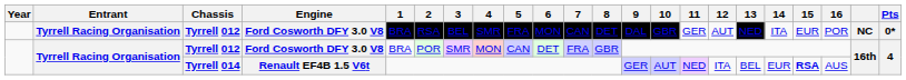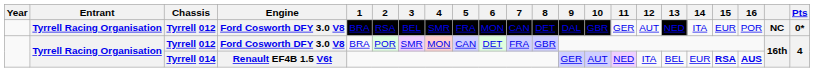 <table class="wikitable" style="text-align:center; font-size:85%">
 <tr>
 <th>Year</th>
 <th>Entrant</th>
 <th>Chassis</th>
 <th>Engine</th>
 <th>1</th>
 <th>2</th>
 <th>3</th>
 <th>4</th>
 <th>5</th>
 <th>6</th>
 <th>7</th>
 <th>8</th>
 <th>9</th>
 <th>10</th>
 <th>11</th>
 <th>12</th>
 <th>13</th>
 <th>14</th>
 <th>15</th>
 <th>16</th>
 <th></th>
 <th><a href='#'>Pts</a></th>
 </tr>
 <tr>
 <td></td>
 <th nowrap><a href='#'>Tyrrell Racing Organisation</a></th>
 <th nowrap><a href='#'>Tyrrell</a> <a href='#'>012</a></th>
 <th nowrap><a href='#'>Ford Cosworth DFY</a> 3.0 <a href='#'>V8</a></th>
 <td style="background:#000000; color: #ffffff"><a href='#'><span>BRA</span></a><br></td>
 <td style="background:#000000; color: #ffffff"><a href='#'><span>RSA</span></a> <br></td>
 <td style="background:#000000; color: #ffffff"><a href='#'><span>BEL</span></a><br></td>
 <td style="background:#000000; color: #ffffff"><a href='#'><span>SMR</span></a><br></td>
 <td style="background:#000000; color: #ffffff"><a href='#'><span>FRA</span></a><br></td>
 <td style="background:#000000; color: #ffffff"><a href='#'><span>MON</span></a><br></td>
 <td style="background:#000000; color: #ffffff"><a href='#'><span>CAN</span></a><br></td>
 <td style="background:#000000; color: #ffffff"><a href='#'><span>DET</span></a><br></td>
 <td style="background:#000000; color: #ffffff"><a href='#'><span>DAL</span></a><br></td>
 <td style="background:#000000; color: #ffffff"><a href='#'><span>GBR</span></a><br></td>
 <td><a href='#'>GER</a></td>
 <td><a href='#'>AUT</a><br></td>
 <td style="background:#000000; color: #ffffff"><a href='#'><span>NED</span></a><br></td>
 <td><a href='#'>ITA</a></td>
 <td><a href='#'>EUR</a></td>
 <td><a href='#'>POR</a></td>
 <th>NC</th>
 <th>0*</th>
 </tr>
 <tr>
 <td rowspan=2></td>
 <th rowspan=2 nowrap><a href='#'>Tyrrell Racing Organisation</a></th>
 <th nowrap><a href='#'>Tyrrell</a> <a href='#'>012</a></th>
 <th nowrap><a href='#'>Ford Cosworth DFY</a> 3.0 <a href='#'>V8</a></th>
 <td><a href='#'>BRA</a></td>
 <td style="background:#DFFFDF;"><a href='#'>POR</a><br></td>
 <td style="background:#EFCFFF;"><a href='#'>SMR</a><br></td>
 <td style="background:#FFCFCF;"><a href='#'>MON</a><br></td>
 <td style="background:#CFCFFF;"><a href='#'>CAN</a><br></td>
 <td style="background:#DFFFDF;"><a href='#'>DET</a><br></td>
 <td style="background:#CFCFFF;"><a href='#'>FRA</a><br></td>
 <td style="background:#CFCFFF;"><a href='#'>GBR</a><br></td>
 <td colspan=8></td>
 <th rowspan=2>16th</th>
 <th rowspan=2>4</th>
 </tr>
 <tr>
 <th nowrap><a href='#'>Tyrrell</a> <a href='#'>014</a></th>
 <th nowrap><a href='#'>Renault</a> EF4B 1.5 <a href='#'>V6</a><a href='#'>t</a></th>
 <td colspan=8></td>
 <td style="background:#CFCFFF;"><a href='#'>GER</a><br></td>
 <td style="background:#CFCFFF;"><a href='#'>AUT</a><br></td>
 <td style="background:#EFCFFF;"><a href='#'>NED</a><br></td>
 <td><a href='#'>ITA</a></td>
 <td><a href='#'>BEL</a></td>
 <td><a href='#'>EUR</a></td>
 <td><strong><a href='#'>RSA</a></strong></td>
-<td><a href='#'>AUS</a></td>
+<td><strong><a href='#'>AUS</a></strong></td>
 </tr>
 </table>
